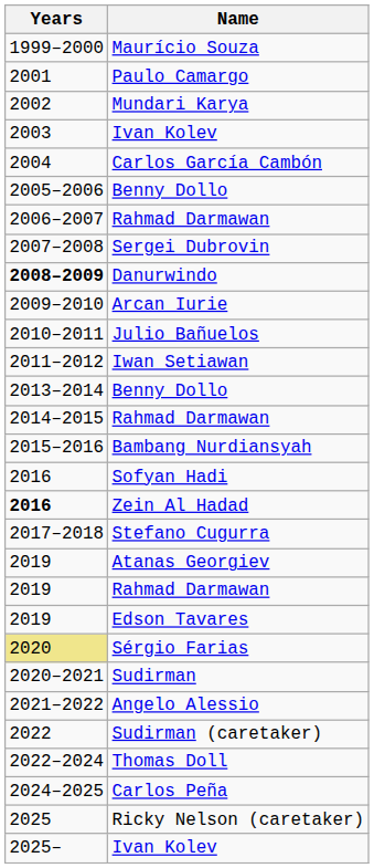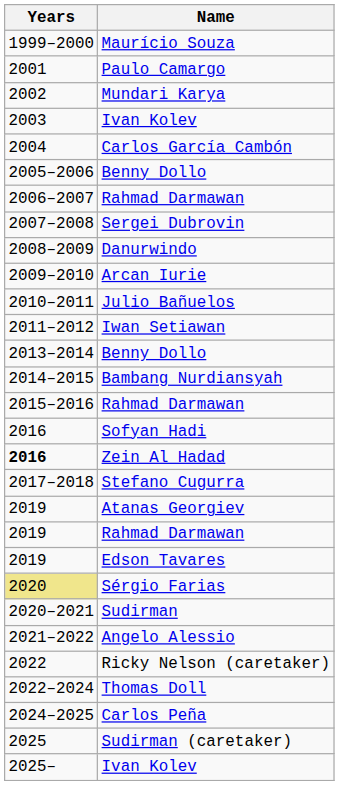 <table class="wikitable">
 <tr>
 <th>Years</th>
 <th>Name</th>
 </tr>
 <tr>
 <td>1999–2000</td>
 <td> <a href='#'>Maurício Souza</a></td>
 </tr>
 <tr>
 <td>2001</td>
 <td> <a href='#'>Paulo Camargo</a></td>
 </tr>
 <tr>
 <td>2002</td>
 <td> <a href='#'>Mundari Karya</a></td>
 </tr>
 <tr>
 <td>2003</td>
 <td> <a href='#'>Ivan Kolev</a></td>
 </tr>
 <tr>
 <td>2004</td>
 <td> <a href='#'>Carlos García Cambón</a></td>
 </tr>
 <tr>
 <td>2005–2006</td>
 <td> <a href='#'>Benny Dollo</a></td>
 </tr>
 <tr>
 <td>2006–2007</td>
 <td> <a href='#'>Rahmad Darmawan</a></td>
 </tr>
 <tr>
 <td>2007–2008</td>
 <td> <a href='#'>Sergei Dubrovin</a></td>
 </tr>
 <tr>
-<td><strong>2008–2009</strong></td>
+<td>2008–2009</td>
 <td> <a href='#'>Danurwindo</a></td>
 </tr>
 <tr>
 <td>2009–2010</td>
 <td>  <a href='#'>Arcan Iurie</a></td>
 </tr>
 <tr>
 <td>2010–2011</td>
 <td> <a href='#'>Julio Bañuelos</a></td>
 </tr>
 <tr>
 <td>2011–2012</td>
 <td> <a href='#'>Iwan Setiawan</a></td>
 </tr>
 <tr>
 <td>2013–2014</td>
 <td> <a href='#'>Benny Dollo</a></td>
 </tr>
 <tr>
 <td>2014–2015</td>
-<td> <a href='#'>Rahmad Darmawan</a></td>
+<td> <a href='#'>Bambang Nurdiansyah</a></td>
 </tr>
 <tr>
 <td>2015–2016</td>
-<td> <a href='#'>Bambang Nurdiansyah</a></td>
+<td> <a href='#'>Rahmad Darmawan</a></td>
 </tr>
 <tr>
 <td>2016</td>
 <td> <a href='#'>Sofyan Hadi</a></td>
 </tr>
 <tr>
 <td><strong>2016</strong></td>
 <td> <a href='#'>Zein Al Hadad</a></td>
 </tr>
 <tr>
 <td>2017–2018</td>
 <td> <a href='#'>Stefano Cugurra</a></td>
 </tr>
 <tr>
 <td>2019</td>
 <td> <a href='#'>Atanas Georgiev</a></td>
 </tr>
 <tr>
 <td>2019</td>
 <td> <a href='#'>Rahmad Darmawan</a></td>
 </tr>
 <tr>
 <td>2019</td>
 <td> <a href='#'>Edson Tavares</a></td>
 </tr>
 <tr>
 <td style="background: khaki;">2020</td>
 <td> <a href='#'>Sérgio Farias</a></td>
 </tr>
 <tr>
 <td>2020–2021</td>
 <td> <a href='#'>Sudirman</a></td>
 </tr>
 <tr>
 <td>2021–2022</td>
 <td> <a href='#'>Angelo Alessio</a></td>
 </tr>
 <tr>
 <td>2022</td>
-<td> <a href='#'>Sudirman</a> (caretaker)</td>
+<td> Ricky Nelson (caretaker)</td>
 </tr>
 <tr>
 <td>2022–2024</td>
 <td> <a href='#'>Thomas Doll</a></td>
 </tr>
 <tr>
 <td>2024–2025</td>
 <td> <a href='#'>Carlos Peña</a></td>
 </tr>
 <tr>
 <td>2025</td>
-<td> Ricky Nelson (caretaker)</td>
+<td> <a href='#'>Sudirman</a> (caretaker)</td>
 </tr>
 <tr>
 <td>2025–</td>
 <td> <a href='#'>Ivan Kolev</a></td>
 </tr>
 </table>
